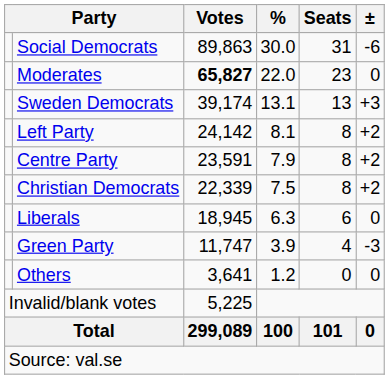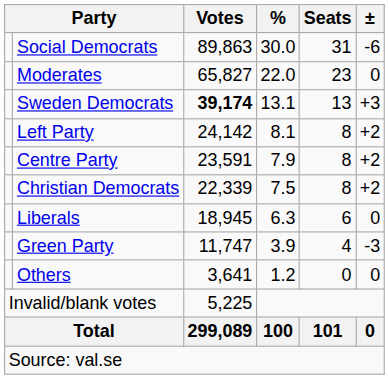 <table class=wikitable style=text-align:right>
 <tr>
 <th colspan=2>Party</th>
 <th>Votes</th>
 <th>%</th>
 <th>Seats</th>
 <th>±</th>
 </tr>
 <tr>
 <td bgcolor=></td>
 <td align=left><a href='#'>Social Democrats</a></td>
 <td>89,863</td>
 <td>30.0</td>
 <td>31</td>
 <td>-6</td>
 </tr>
 <tr>
 <td bgcolor=></td>
 <td align=left><a href='#'>Moderates</a></td>
-<td><strong>65,827</strong></td>
+<td>65,827</td>
 <td>22.0</td>
 <td>23</td>
 <td>0</td>
 </tr>
 <tr>
 <td bgcolor=></td>
 <td align=left><a href='#'>Sweden Democrats</a></td>
-<td>39,174</td>
+<td><strong>39,174</strong></td>
 <td>13.1</td>
 <td>13</td>
 <td>+3</td>
 </tr>
 <tr>
 <td bgcolor=></td>
 <td align=left><a href='#'>Left Party</a></td>
 <td>24,142</td>
 <td>8.1</td>
 <td>8</td>
 <td>+2</td>
 </tr>
 <tr>
 <td bgcolor=></td>
 <td align=left><a href='#'>Centre Party</a></td>
 <td>23,591</td>
 <td>7.9</td>
 <td>8</td>
 <td>+2</td>
 </tr>
 <tr>
 <td bgcolor=></td>
 <td align=left><a href='#'>Christian Democrats</a></td>
 <td>22,339</td>
 <td>7.5</td>
 <td>8</td>
 <td>+2</td>
 </tr>
 <tr>
 <td bgcolor=></td>
 <td align=left><a href='#'>Liberals</a></td>
 <td>18,945</td>
 <td>6.3</td>
 <td>6</td>
 <td>0</td>
 </tr>
 <tr>
 <td bgcolor=></td>
 <td align=left><a href='#'>Green Party</a></td>
 <td>11,747</td>
 <td>3.9</td>
 <td>4</td>
 <td>-3</td>
 </tr>
 <tr>
 <td></td>
 <td align=left><a href='#'>Others</a></td>
 <td>3,641</td>
 <td>1.2</td>
 <td>0</td>
 <td>0</td>
 </tr>
 <tr>
 <td align=left colspan=2>Invalid/blank votes</td>
 <td>5,225</td>
 <td colspan=3></td>
 </tr>
 <tr>
 <th align=left colspan=2>Total</th>
 <th>299,089</th>
 <th>100</th>
 <th>101</th>
 <th>0</th>
 </tr>
 <tr>
 <td align=left colspan=6>Source: val.se </td>
 </tr>
 </table>
